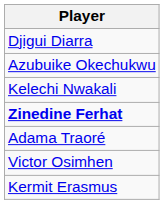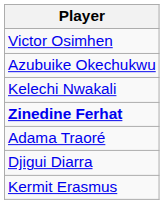 <table class="wikitable">
 <tr>
 <th>Player</th>
 </tr>
 <tr>
-<td> <a href='#'>Djigui Diarra</a></td>
+<td> <a href='#'>Victor Osimhen</a></td>
 </tr>
 <tr>
 <td> <a href='#'>Azubuike Okechukwu</a></td>
 </tr>
 <tr>
 <td> <a href='#'>Kelechi Nwakali</a></td>
 </tr>
 <tr>
 <td><strong> <a href='#'>Zinedine Ferhat</a></strong></td>
 </tr>
 <tr>
 <td> <a href='#'>Adama Traoré</a></td>
 </tr>
 <tr>
-<td> <a href='#'>Victor Osimhen</a></td>
+<td> <a href='#'>Djigui Diarra</a></td>
 </tr>
 <tr>
 <td> <a href='#'>Kermit Erasmus</a></td>
 </tr>
 </table>
